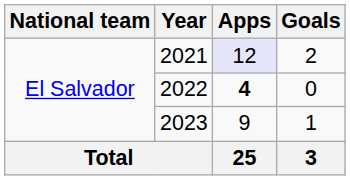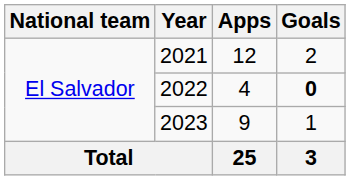 <table class="wikitable" style="text-align:center">
 <tr>
 <th>National team</th>
 <th>Year</th>
 <th>Apps</th>
 <th>Goals</th>
 </tr>
 <tr>
 <td rowspan=3><a href='#'>El Salvador</a></td>
 <td>2021</td>
-<td style="background: lavender;">12</td>
+<td>12</td>
 <td>2</td>
 </tr>
 <tr>
 <td>2022</td>
-<td><strong>4</strong></td>
-<td>0</td>
+<td>4</td>
+<td><strong>0</strong></td>
 </tr>
 <tr>
 <td>2023</td>
 <td>9</td>
 <td>1</td>
 </tr>
 <tr>
 <th colspan=2>Total</th>
 <th>25</th>
 <th>3</th>
 </tr>
 </table>
